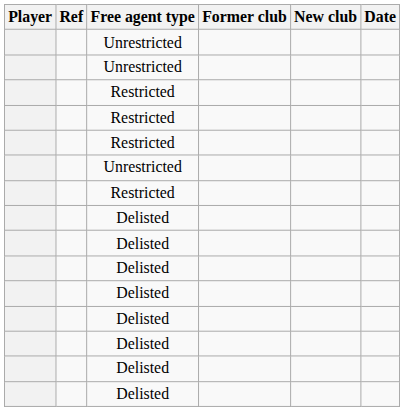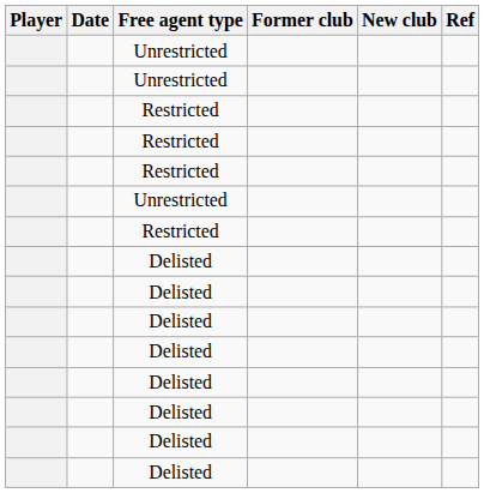 <table class="wikitable plainrowheaders sortable" style="text-align:center">
 <tr>
 <th scope="col">Player</th>
-<th scope="col" class="unsortable">Ref</th>
+<th scope="col">Date</th>
 <th scope="col">Free agent type</th>
 <th scope="col">Former club</th>
 <th scope="col">New club</th>
-<th scope="col">Date</th>
+<th scope="col" class="unsortable">Ref</th>
 </tr>
 <tr>
 <th scope="row"></th>
 <td></td>
 <td>Unrestricted</td>
 <td></td>
 <td></td>
 <td></td>
 </tr>
 <tr>
 <th scope="row"></th>
 <td></td>
 <td>Unrestricted</td>
 <td></td>
 <td></td>
 <td></td>
 </tr>
 <tr>
 <th scope="row"></th>
 <td></td>
 <td>Restricted</td>
 <td></td>
 <td></td>
 <td></td>
 </tr>
 <tr>
 <th scope="row"></th>
 <td></td>
 <td>Restricted</td>
 <td></td>
 <td></td>
 <td></td>
 </tr>
 <tr>
 <th scope="row"></th>
 <td></td>
 <td>Restricted</td>
 <td></td>
 <td></td>
 <td></td>
 </tr>
 <tr>
 <th scope="row"></th>
 <td></td>
 <td>Unrestricted</td>
 <td></td>
 <td></td>
 <td></td>
 </tr>
 <tr>
 <th scope="row"></th>
 <td></td>
 <td>Restricted</td>
 <td></td>
 <td></td>
 <td></td>
 </tr>
 <tr>
 <th scope="row"></th>
 <td></td>
 <td>Delisted</td>
 <td></td>
 <td></td>
 <td></td>
 </tr>
 <tr>
 <th scope="row"></th>
 <td></td>
 <td>Delisted</td>
 <td></td>
 <td></td>
 <td></td>
 </tr>
 <tr>
 <th scope="row"></th>
 <td></td>
 <td>Delisted</td>
 <td></td>
 <td></td>
 <td></td>
 </tr>
 <tr>
 <th scope="row"></th>
 <td></td>
 <td>Delisted</td>
 <td></td>
 <td></td>
 <td></td>
 </tr>
 <tr>
 <th scope="row"></th>
 <td></td>
 <td>Delisted</td>
 <td></td>
 <td></td>
 <td></td>
 </tr>
 <tr>
 <th scope="row"></th>
 <td></td>
 <td>Delisted</td>
 <td></td>
 <td></td>
 <td></td>
 </tr>
 <tr>
 <th scope="row"></th>
 <td></td>
 <td>Delisted</td>
 <td></td>
 <td></td>
 <td></td>
 </tr>
 <tr>
 <th scope="row"></th>
 <td></td>
 <td>Delisted</td>
 <td></td>
 <td></td>
 <td></td>
 </tr>
 </table>
